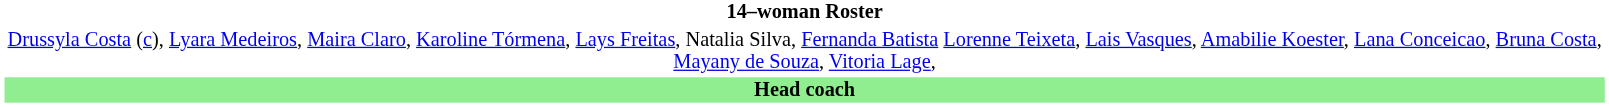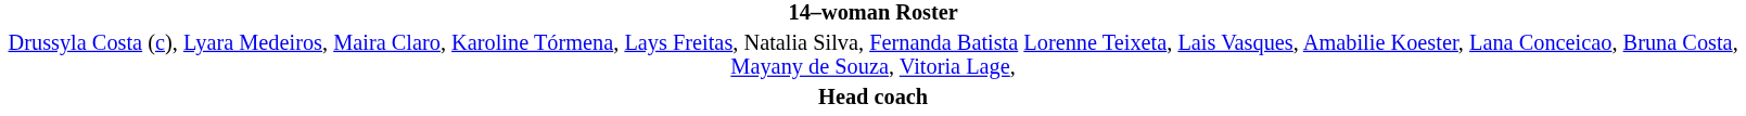 <table style="text-align: center; margin-top: 2em; margin-left: auto; margin-right: auto">
 <tr>
 <td><strong>14–woman Roster</strong></td>
 </tr>
 <tr>
 <td><a href='#'>Drussyla Costa</a> (<a href='#'>c</a>), <a href='#'>Lyara Medeiros</a>, <a href='#'>Maira Claro</a>, <a href='#'>Karoline Tórmena</a>, <a href='#'>Lays Freitas</a>, Natalia Silva, <a href='#'>Fernanda Batista</a> <a href='#'>Lorenne Teixeta</a>, <a href='#'>Lais Vasques</a>, <a href='#'>Amabilie Koester</a>, <a href='#'>Lana Conceicao</a>, <a href='#'>Bruna Costa</a>, <a href='#'>Mayany de Souza</a>, <a href='#'>Vitoria Lage</a>,</td>
 </tr>
 <tr>
-<td style="background: lightgreen;"><strong>Head coach</strong></td>
+<td><strong>Head coach</strong></td>
 </tr>
 <tr>
 <td></td>
 </tr>
 </table>
